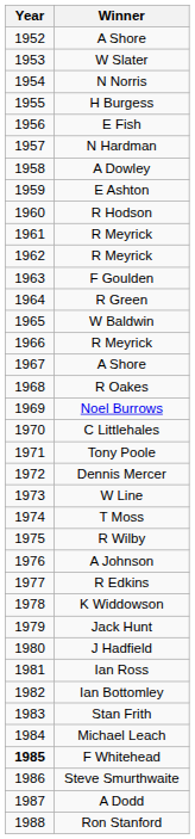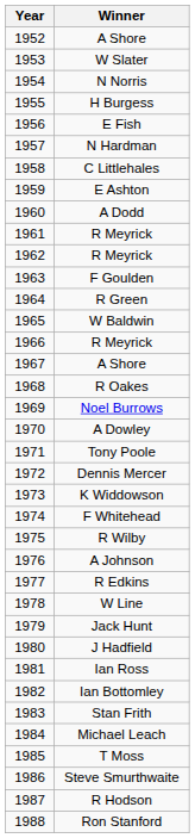 <table class="wikitable" style="text-align:center">
 <tr>
 <th width=50>Year</th>
 <th width=150>Winner</th>
 </tr>
 <tr>
 <td>1952</td>
 <td>A Shore</td>
 </tr>
 <tr>
 <td>1953</td>
 <td>W Slater</td>
 </tr>
 <tr>
 <td>1954</td>
 <td>N Norris</td>
 </tr>
 <tr>
 <td>1955</td>
 <td>H Burgess</td>
 </tr>
 <tr>
 <td>1956</td>
 <td>E Fish</td>
 </tr>
 <tr>
 <td>1957</td>
 <td>N Hardman</td>
 </tr>
 <tr>
 <td>1958</td>
-<td>A Dowley</td>
+<td>C Littlehales</td>
 </tr>
 <tr>
 <td>1959</td>
 <td>E Ashton</td>
 </tr>
 <tr>
 <td>1960</td>
-<td>R Hodson</td>
+<td>A Dodd</td>
 </tr>
 <tr>
 <td>1961</td>
 <td>R Meyrick</td>
 </tr>
 <tr>
 <td>1962</td>
 <td>R Meyrick</td>
 </tr>
 <tr>
 <td>1963</td>
 <td>F Goulden</td>
 </tr>
 <tr>
 <td>1964</td>
 <td>R Green</td>
 </tr>
 <tr>
 <td>1965</td>
 <td>W Baldwin</td>
 </tr>
 <tr>
 <td>1966</td>
 <td>R Meyrick</td>
 </tr>
 <tr>
 <td>1967</td>
 <td>A Shore</td>
 </tr>
 <tr>
 <td>1968</td>
 <td>R Oakes</td>
 </tr>
 <tr>
 <td>1969</td>
 <td><a href='#'>Noel Burrows</a></td>
 </tr>
 <tr>
 <td>1970</td>
-<td>C Littlehales</td>
+<td>A Dowley</td>
 </tr>
 <tr>
 <td>1971</td>
 <td>Tony Poole</td>
 </tr>
 <tr>
 <td>1972</td>
 <td>Dennis Mercer</td>
 </tr>
 <tr>
 <td>1973</td>
-<td>W Line</td>
+<td>K Widdowson</td>
 </tr>
 <tr>
 <td>1974</td>
-<td>T Moss</td>
+<td>F Whitehead</td>
 </tr>
 <tr>
 <td>1975</td>
 <td>R Wilby</td>
 </tr>
 <tr>
 <td>1976</td>
 <td>A Johnson</td>
 </tr>
 <tr>
 <td>1977</td>
 <td>R Edkins</td>
 </tr>
 <tr>
 <td>1978</td>
-<td>K Widdowson</td>
+<td>W Line</td>
 </tr>
 <tr>
 <td>1979</td>
 <td>Jack Hunt</td>
 </tr>
 <tr>
 <td>1980</td>
 <td>J Hadfield</td>
 </tr>
 <tr>
 <td>1981</td>
 <td>Ian Ross</td>
 </tr>
 <tr>
 <td>1982</td>
 <td>Ian Bottomley</td>
 </tr>
 <tr>
 <td>1983</td>
 <td>Stan Frith</td>
 </tr>
 <tr>
 <td>1984</td>
 <td>Michael Leach</td>
 </tr>
 <tr>
-<td><strong>1985</strong></td>
-<td>F Whitehead</td>
+<td>1985</td>
+<td>T Moss</td>
 </tr>
 <tr>
 <td>1986</td>
 <td>Steve Smurthwaite</td>
 </tr>
 <tr>
 <td>1987</td>
-<td>A Dodd</td>
+<td>R Hodson</td>
 </tr>
 <tr>
 <td>1988</td>
 <td>Ron Stanford</td>
 </tr>
 </table>
